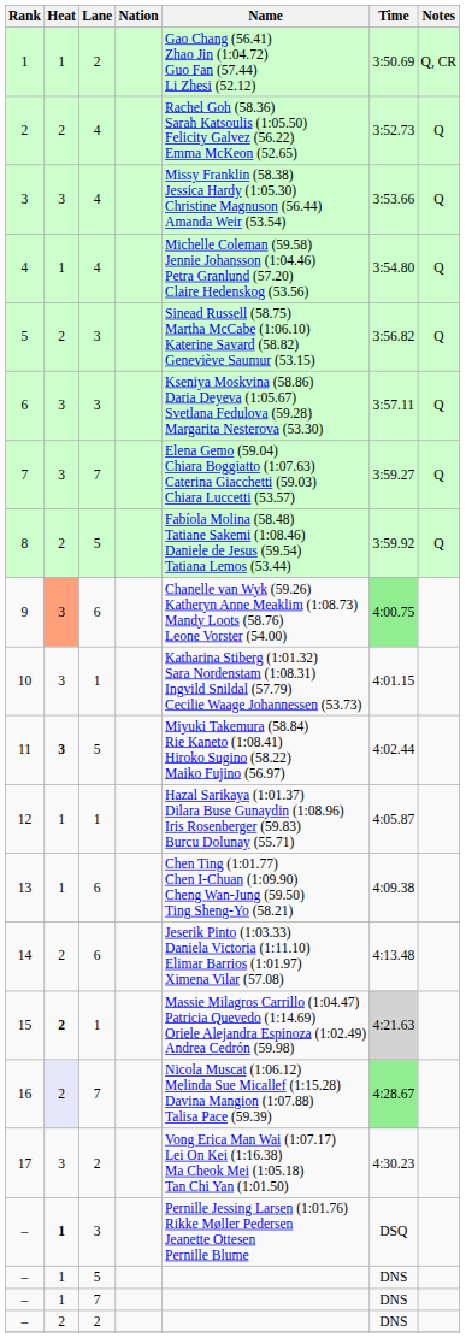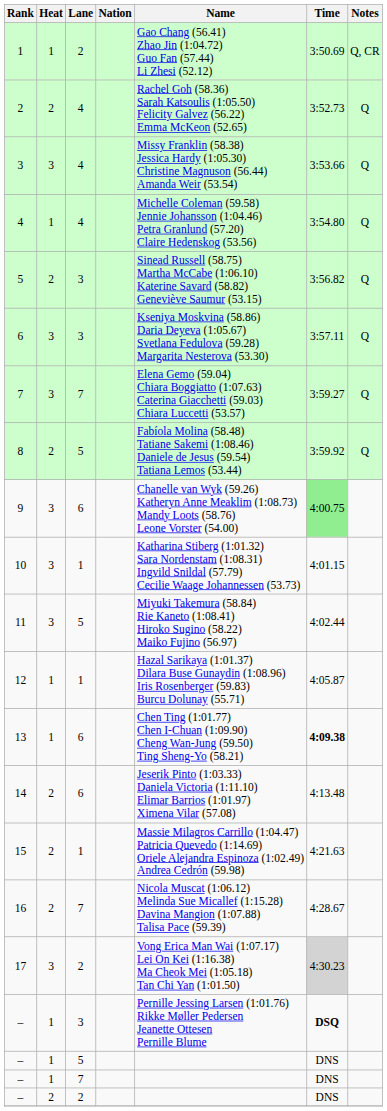 <table class="wikitable sortable" style="text-align:center">
 <tr>
 <th>Rank</th>
 <th>Heat</th>
 <th>Lane</th>
 <th>Nation</th>
 <th>Name</th>
 <th>Time</th>
 <th>Notes</th>
 </tr>
 <tr bgcolor=ccffcc>
 <td>1</td>
 <td>1</td>
 <td>2</td>
 <td align=left></td>
 <td align=left><a href='#'>Gao Chang</a> (56.41)<br><a href='#'>Zhao Jin</a> (1:04.72)<br><a href='#'>Guo Fan</a> (57.44)<br><a href='#'>Li Zhesi</a> (52.12)</td>
 <td>3:50.69</td>
 <td>Q, CR</td>
 </tr>
 <tr bgcolor=ccffcc>
 <td>2</td>
 <td>2</td>
 <td>4</td>
 <td align=left></td>
 <td align=left><a href='#'>Rachel Goh</a> (58.36)<br><a href='#'>Sarah Katsoulis</a> (1:05.50)<br><a href='#'>Felicity Galvez</a> (56.22)<br><a href='#'>Emma McKeon</a> (52.65)</td>
 <td>3:52.73</td>
 <td>Q</td>
 </tr>
 <tr bgcolor=ccffcc>
 <td>3</td>
 <td>3</td>
 <td>4</td>
 <td align=left></td>
 <td align=left><a href='#'>Missy Franklin</a> (58.38)<br><a href='#'>Jessica Hardy</a> (1:05.30)<br><a href='#'>Christine Magnuson</a> (56.44)<br><a href='#'>Amanda Weir</a> (53.54)</td>
 <td>3:53.66</td>
 <td>Q</td>
 </tr>
 <tr bgcolor=ccffcc>
 <td>4</td>
 <td>1</td>
 <td>4</td>
 <td align=left></td>
 <td align=left><a href='#'>Michelle Coleman</a> (59.58)<br><a href='#'>Jennie Johansson</a> (1:04.46)<br><a href='#'>Petra Granlund</a> (57.20)<br><a href='#'>Claire Hedenskog</a> (53.56)</td>
 <td>3:54.80</td>
 <td>Q</td>
 </tr>
 <tr bgcolor=ccffcc>
 <td>5</td>
 <td>2</td>
 <td>3</td>
 <td align=left></td>
 <td align=left><a href='#'>Sinead Russell</a> (58.75)<br><a href='#'>Martha McCabe</a> (1:06.10)<br><a href='#'>Katerine Savard</a> (58.82)<br><a href='#'>Geneviève Saumur</a> (53.15)</td>
 <td>3:56.82</td>
 <td>Q</td>
 </tr>
 <tr bgcolor=ccffcc>
 <td>6</td>
 <td>3</td>
 <td>3</td>
 <td align=left></td>
 <td align=left><a href='#'>Kseniya Moskvina</a> (58.86)<br><a href='#'>Daria Deyeva</a> (1:05.67)<br><a href='#'>Svetlana Fedulova</a> (59.28)<br><a href='#'>Margarita Nesterova</a> (53.30)</td>
 <td>3:57.11</td>
 <td>Q</td>
 </tr>
 <tr bgcolor=ccffcc>
 <td>7</td>
 <td>3</td>
 <td>7</td>
 <td align=left></td>
 <td align=left><a href='#'>Elena Gemo</a> (59.04)<br><a href='#'>Chiara Boggiatto</a> (1:07.63)<br><a href='#'>Caterina Giacchetti</a> (59.03)<br><a href='#'>Chiara Luccetti</a> (53.57)</td>
 <td>3:59.27</td>
 <td>Q</td>
 </tr>
 <tr bgcolor=ccffcc>
 <td>8</td>
 <td>2</td>
 <td>5</td>
 <td align=left></td>
 <td align=left><a href='#'>Fabíola Molina</a> (58.48)<br><a href='#'>Tatiane Sakemi</a> (1:08.46)<br><a href='#'>Daniele de Jesus</a> (59.54)<br><a href='#'>Tatiana Lemos</a> (53.44)</td>
 <td>3:59.92</td>
 <td>Q</td>
 </tr>
 <tr>
 <td>9</td>
-<td style="background: lightsalmon;">3</td>
+<td>3</td>
 <td>6</td>
 <td align=left></td>
 <td align=left><a href='#'>Chanelle van Wyk</a> (59.26)<br><a href='#'>Katheryn Anne Meaklim</a> (1:08.73)<br><a href='#'>Mandy Loots</a> (58.76)<br><a href='#'>Leone Vorster</a> (54.00)</td>
 <td style="background: lightgreen;">4:00.75</td>
 <td></td>
 </tr>
 <tr>
 <td>10</td>
 <td>3</td>
 <td>1</td>
 <td align=left></td>
 <td align=left><a href='#'>Katharina Stiberg</a> (1:01.32)<br><a href='#'>Sara Nordenstam</a> (1:08.31)<br><a href='#'>Ingvild Snildal</a> (57.79)<br><a href='#'>Cecilie Waage Johannessen</a> (53.73)</td>
 <td>4:01.15</td>
 <td></td>
 </tr>
 <tr>
 <td>11</td>
-<td><strong>3</strong></td>
+<td>3</td>
 <td>5</td>
 <td align=left></td>
 <td align=left><a href='#'>Miyuki Takemura</a> (58.84)<br><a href='#'>Rie Kaneto</a> (1:08.41)<br><a href='#'>Hiroko Sugino</a> (58.22)<br><a href='#'>Maiko Fujino</a> (56.97)</td>
 <td>4:02.44</td>
 <td></td>
 </tr>
 <tr>
 <td>12</td>
 <td>1</td>
 <td>1</td>
 <td align=left></td>
 <td align=left><a href='#'>Hazal Sarikaya</a> (1:01.37)<br><a href='#'>Dilara Buse Gunaydin</a> (1:08.96)<br><a href='#'>Iris Rosenberger</a> (59.83)<br><a href='#'>Burcu Dolunay</a> (55.71)</td>
 <td>4:05.87</td>
 <td></td>
 </tr>
 <tr>
 <td>13</td>
 <td>1</td>
 <td>6</td>
 <td align=left></td>
 <td align=left><a href='#'>Chen Ting</a> (1:01.77)<br><a href='#'>Chen I-Chuan</a> (1:09.90)<br><a href='#'>Cheng Wan-Jung</a> (59.50)<br><a href='#'>Ting Sheng-Yo</a> (58.21)</td>
-<td>4:09.38</td>
+<td><strong>4:09.38</strong></td>
 <td></td>
 </tr>
 <tr>
 <td>14</td>
 <td>2</td>
 <td>6</td>
 <td align=left></td>
 <td align=left><a href='#'>Jeserik Pinto</a> (1:03.33)<br><a href='#'>Daniela Victoria</a> (1:11.10)<br><a href='#'>Elimar Barrios</a> (1:01.97)<br><a href='#'>Ximena Vilar</a> (57.08)</td>
 <td>4:13.48</td>
 <td></td>
 </tr>
 <tr>
 <td>15</td>
-<td><strong>2</strong></td>
+<td>2</td>
 <td>1</td>
 <td align=left></td>
 <td align=left><a href='#'>Massie Milagros Carrillo</a> (1:04.47)<br><a href='#'>Patricia Quevedo</a> (1:14.69)<br><a href='#'>Oriele Alejandra Espinoza</a> (1:02.49)<br><a href='#'>Andrea Cedrón</a> (59.98)</td>
-<td style="background: lightgrey;">4:21.63</td>
+<td>4:21.63</td>
 <td></td>
 </tr>
 <tr>
 <td>16</td>
-<td style="background: lavender;">2</td>
+<td>2</td>
 <td>7</td>
 <td align=left></td>
 <td align=left><a href='#'>Nicola Muscat</a> (1:06.12)<br><a href='#'>Melinda Sue Micallef</a> (1:15.28)<br><a href='#'>Davina Mangion</a> (1:07.88)<br><a href='#'>Talisa Pace</a> (59.39)</td>
-<td style="background: lightgreen;">4:28.67</td>
+<td>4:28.67</td>
 <td></td>
 </tr>
 <tr>
 <td>17</td>
 <td>3</td>
 <td>2</td>
 <td align=left></td>
 <td align=left><a href='#'>Vong Erica Man Wai</a> (1:07.17)<br><a href='#'>Lei On Kei</a> (1:16.38)<br><a href='#'>Ma Cheok Mei</a> (1:05.18)<br><a href='#'>Tan Chi Yan</a> (1:01.50)</td>
-<td>4:30.23</td>
+<td style="background: lightgrey;">4:30.23</td>
 <td></td>
 </tr>
 <tr>
 <td>–</td>
-<td><strong>1</strong></td>
+<td>1</td>
 <td>3</td>
 <td align=left></td>
 <td align=left><a href='#'>Pernille Jessing Larsen</a> (1:01.76)<br><a href='#'>Rikke Møller Pedersen</a><br><a href='#'>Jeanette Ottesen</a><br><a href='#'>Pernille Blume</a></td>
-<td>DSQ</td>
+<td><strong>DSQ</strong></td>
 <td></td>
 </tr>
 <tr>
 <td>–</td>
 <td>1</td>
 <td>5</td>
 <td align=left></td>
 <td align=left></td>
 <td>DNS</td>
 <td></td>
 </tr>
 <tr>
 <td>–</td>
 <td>1</td>
 <td>7</td>
 <td align=left></td>
 <td align=left></td>
 <td>DNS</td>
 <td></td>
 </tr>
 <tr>
 <td>–</td>
 <td>2</td>
 <td>2</td>
 <td align=left></td>
 <td align=left></td>
 <td>DNS</td>
 <td></td>
 </tr>
 <tr>
 </tr>
 </table>
